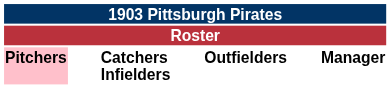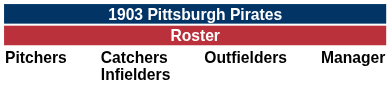 <table class="toccolours" style="font-size: 95%;">
 <tr>
 <th colspan="10" style="background-color: #023465; color: white; text-align: center;">1903 Pittsburgh Pirates</th>
 </tr>
 <tr>
 <td colspan="10" style="background-color: #ba313c; color: white; text-align: center;"><strong>Roster</strong></td>
 </tr>
 <tr>
-<td valign="top" style="background: pink;"><strong>Pitchers</strong><br>           </td>
+<td valign="top"><strong>Pitchers</strong><br>           </td>
 <td width="25px"></td>
 <td valign="top"><strong>Catchers</strong><br>    <strong>Infielders</strong>       </td>
 <td width="25px"></td>
 <td valign="top"><strong>Outfielders</strong><br>        </td>
 <td width="25px"></td>
 <td valign="top"><strong>Manager</strong><br></td>
 </tr>
 </table>
